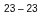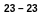 <table style="text-align:center">
 <tr>
 <th width=200></th>
 <th width=100></th>
 <th width=200></th>
 </tr>
 <tr>
 <td align=right><strong></strong></td>
-<td>23 – 23</td>
+<td><strong>23 – 23</strong></td>
 <td align=left><strong></strong></td>
 </tr>
 </table>
